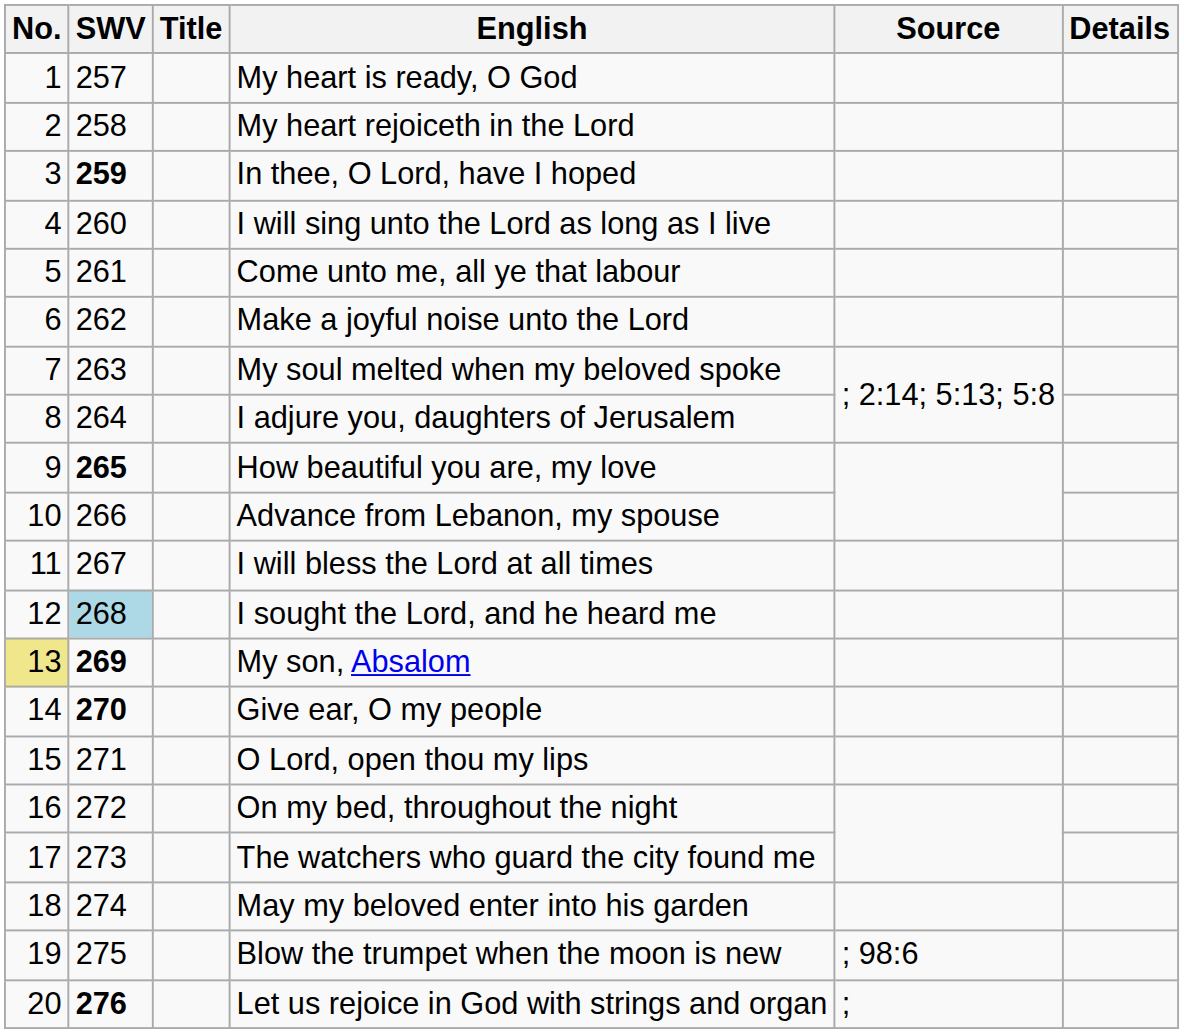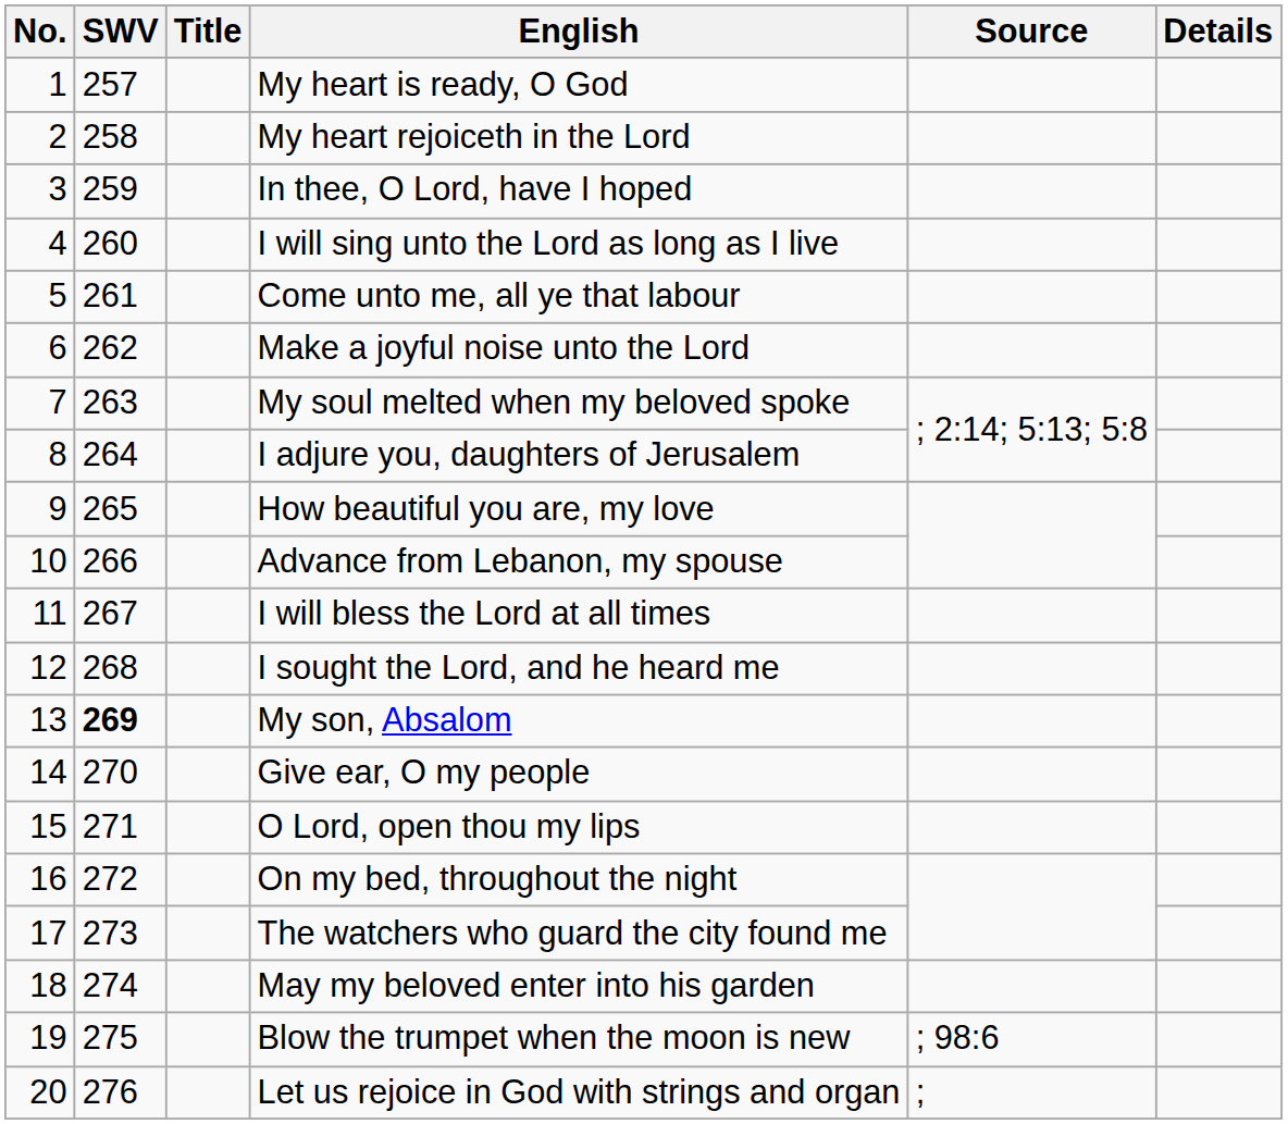 <table class="wikitable plainrowheaders">
 <tr>
 <th scope="col">No.</th>
 <th scope="col">SWV</th>
 <th scope="col">Title</th>
 <th scope="col">English</th>
 <th scope="col">Source</th>
 <th scope="col">Details</th>
 </tr>
 <tr>
 <td style="text-align: right;">1</td>
 <td>257</td>
 <td></td>
 <td>My heart is ready, O God </td>
 <td></td>
 <td></td>
 </tr>
 <tr>
 <td style="text-align: right;">2</td>
 <td>258</td>
 <td></td>
 <td>My heart rejoiceth in the Lord</td>
 <td></td>
 <td></td>
 </tr>
 <tr>
 <td style="text-align: right;">3</td>
-<td><strong>259</strong></td>
+<td>259</td>
 <td></td>
 <td>In thee, O Lord, have I hoped</td>
 <td></td>
 <td></td>
 </tr>
 <tr>
 <td style="text-align: right;">4</td>
 <td>260</td>
 <td></td>
 <td>I will sing unto the Lord as long as I live</td>
 <td></td>
 <td></td>
 </tr>
 <tr>
 <td style="text-align: right;">5</td>
 <td>261</td>
 <td></td>
 <td>Come unto me, all ye that labour</td>
 <td></td>
 <td></td>
 </tr>
 <tr>
 <td style="text-align: right;">6</td>
 <td>262</td>
 <td></td>
 <td>Make a joyful noise unto the Lord</td>
 <td></td>
 <td></td>
 </tr>
 <tr>
 <td style="text-align: right;">7</td>
 <td>263</td>
 <td></td>
 <td>My soul melted when my beloved spoke </td>
 <td rowspan="2">; 2:14; 5:13; 5:8</td>
 <td></td>
 </tr>
 <tr>
 <td style="text-align: right;">8</td>
 <td>264</td>
 <td></td>
 <td>I adjure you, daughters of Jerusalem </td>
 <td></td>
 </tr>
 <tr>
 <td style="text-align: right;">9</td>
-<td><strong>265</strong></td>
+<td>265</td>
 <td></td>
 <td>How beautiful you are, my love </td>
 <td rowspan="2"></td>
 <td></td>
 </tr>
 <tr>
 <td style="text-align: right;">10</td>
 <td>266</td>
 <td></td>
 <td>Advance from Lebanon, my spouse </td>
 <td></td>
 </tr>
 <tr>
 <td style="text-align: right;">11</td>
 <td>267</td>
 <td></td>
 <td>I will bless the Lord at all times</td>
 <td></td>
 <td></td>
 </tr>
 <tr>
 <td style="text-align: right;">12</td>
-<td style="background: lightblue;">268</td>
+<td>268</td>
 <td></td>
 <td>I sought the Lord, and he heard me</td>
 <td></td>
 <td></td>
 </tr>
 <tr>
-<td style="background: khaki; text-align: right;">13</td>
+<td style="text-align: right;">13</td>
 <td><strong>269</strong></td>
 <td></td>
 <td>My son, <a href='#'>Absalom</a></td>
 <td></td>
 <td></td>
 </tr>
 <tr>
 <td style="text-align: right;">14</td>
-<td><strong>270</strong></td>
+<td>270</td>
 <td></td>
 <td>Give ear, O my people</td>
 <td></td>
 <td></td>
 </tr>
 <tr>
 <td style="text-align: right;">15</td>
 <td>271</td>
 <td></td>
 <td>O Lord, open thou my lips</td>
 <td></td>
 <td></td>
 </tr>
 <tr>
 <td style="text-align: right;">16</td>
 <td>272</td>
 <td></td>
 <td>On my bed, throughout the night </td>
 <td rowspan="2"></td>
 <td></td>
 </tr>
 <tr>
 <td style="text-align: right;">17</td>
 <td>273</td>
 <td></td>
 <td>The watchers who guard the city found me </td>
 <td></td>
 </tr>
 <tr>
 <td style="text-align: right;">18</td>
 <td>274</td>
 <td></td>
 <td>May my beloved enter into his garden </td>
 <td></td>
 <td></td>
 </tr>
 <tr>
 <td style="text-align: right;">19</td>
 <td>275</td>
 <td></td>
 <td>Blow the trumpet when the moon is new </td>
 <td>; 98:6</td>
 <td></td>
 </tr>
 <tr>
 <td style="text-align: right;">20</td>
-<td><strong>276</strong></td>
+<td>276</td>
 <td></td>
 <td>Let us rejoice in God with strings and organ </td>
 <td>; </td>
 <td></td>
 </tr>
 <tr>
 </tr>
 </table>
